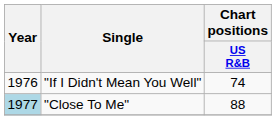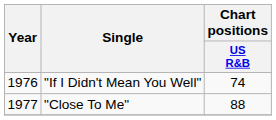 <table class="wikitable" style="text-align:center;">
 <tr>
 <th rowspan="2">Year</th>
 <th rowspan="2">Single</th>
 <th colspan="3">Chart positions</th>
 </tr>
 <tr style="font-size:smaller;">
 <th width="40"><a href='#'>US<br>R&B</a></th>
 </tr>
 <tr>
 <td rowspan="1">1976</td>
 <td align="left">"If I Didn't Mean You Well"</td>
 <td>74</td>
 </tr>
 <tr>
-<td rowspan="1" style="background: lightblue;">1977</td>
+<td rowspan="1">1977</td>
 <td align="left">"Close To Me"</td>
 <td>88</td>
 </tr>
 <tr>
 </tr>
 </table>
